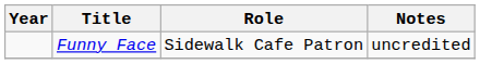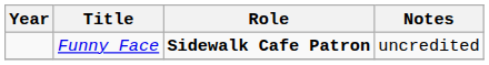 <table class="wikitable sortable">
 <tr>
 <th>Year</th>
 <th>Title</th>
 <th>Role</th>
 <th class="unsortable">Notes</th>
 </tr>
 <tr>
 <td></td>
 <td><em><a href='#'>Funny Face</a></em></td>
-<td>Sidewalk Cafe Patron</td>
+<td><strong>Sidewalk Cafe Patron</strong></td>
 <td>uncredited</td>
 </tr>
 <tr>
 </tr>
 </table>
